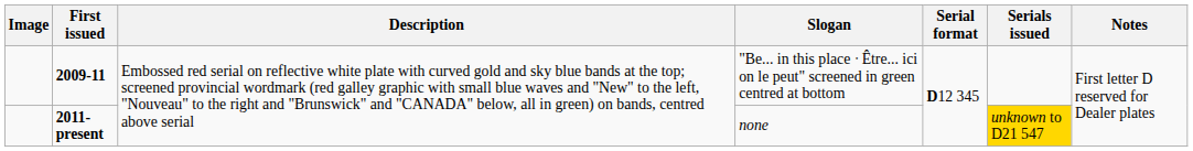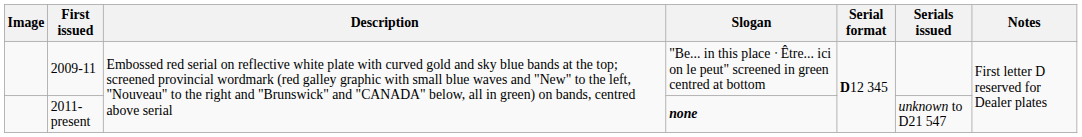 <table class="wikitable">
 <tr>
 <th>Image</th>
 <th>First issued</th>
 <th>Description</th>
 <th>Slogan</th>
 <th>Serial format</th>
 <th>Serials issued</th>
 <th>Notes</th>
 </tr>
 <tr>
 <td></td>
-<td><strong>2009-11</strong></td>
+<td>2009-11</td>
 <td rowspan="2">Embossed red serial on reflective white plate with curved gold and sky blue bands at the top; screened provincial wordmark (red galley graphic with small blue waves and "New" to the left, "Nouveau" to the right and "Brunswick" and "CANADA" below, all in green) on bands, centred above serial</td>
 <td>"Be... in this place  ᐧ  Être... ici on le peut" screened in green centred at bottom</td>
 <td rowspan="2"><strong>D</strong>12 345</td>
 <td></td>
 <td rowspan="2">First letter D reserved for Dealer plates</td>
 </tr>
 <tr>
 <td></td>
-<td><strong>2011-present</strong></td>
-<td><em>none</em></td>
-<td style="background: gold;"><em>unknown</em> to D21 547 </td>
+<td>2011-present</td>
+<td><strong><em>none</em></strong></td>
+<td><em>unknown</em> to D21 547 </td>
 </tr>
 </table>
